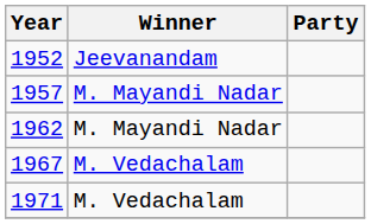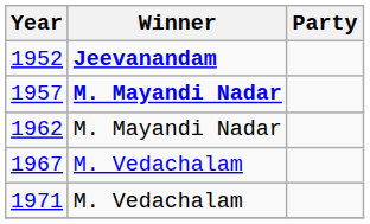 <table class="wikitable sortable">
 <tr>
 <th>Year</th>
 <th>Winner</th>
 <th colspan="2">Party</th>
 </tr>
 <tr>
 <td><a href='#'>1952</a></td>
-<td><a href='#'>Jeevanandam</a></td>
+<td><strong><a href='#'>Jeevanandam</a></strong></td>
 <td></td>
 </tr>
 <tr>
 <td><a href='#'>1957</a></td>
-<td><a href='#'>M. Mayandi Nadar</a></td>
+<td><strong><a href='#'>M. Mayandi Nadar</a></strong></td>
 <td></td>
 </tr>
 <tr>
 <td><a href='#'>1962</a></td>
 <td>M. Mayandi Nadar</td>
 <td></td>
 </tr>
 <tr>
 <td><a href='#'>1967</a></td>
 <td><a href='#'>M. Vedachalam</a></td>
 <td></td>
 </tr>
 <tr>
 <td><a href='#'>1971</a></td>
 <td>M. Vedachalam</td>
 <td></td>
 </tr>
 <tr>
 </tr>
 </table>
